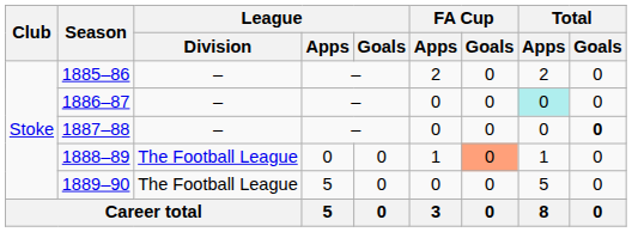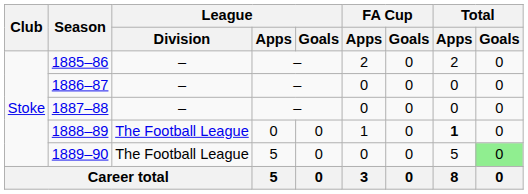 <table class="wikitable" style="text-align: center;">
 <tr>
 <th rowspan="2">Club</th>
 <th rowspan="2">Season</th>
 <th colspan="3">League</th>
 <th colspan="2">FA Cup</th>
 <th colspan="2">Total</th>
 </tr>
 <tr>
 <th>Division</th>
 <th>Apps</th>
 <th>Goals</th>
 <th>Apps</th>
 <th>Goals</th>
 <th>Apps</th>
 <th>Goals</th>
 </tr>
 <tr>
 <td rowspan="5"><a href='#'>Stoke</a></td>
 <td><a href='#'>1885–86</a></td>
 <td>–</td>
 <td colspan="2">–</td>
 <td>2</td>
 <td>0</td>
 <td>2</td>
 <td>0</td>
 </tr>
 <tr>
 <td><a href='#'>1886–87</a></td>
 <td>–</td>
 <td colspan="2">–</td>
 <td>0</td>
 <td>0</td>
-<td style="background: paleturquoise;">0</td>
+<td>0</td>
 <td>0</td>
 </tr>
 <tr>
 <td><a href='#'>1887–88</a></td>
 <td>–</td>
 <td colspan="2">–</td>
 <td>0</td>
 <td>0</td>
 <td>0</td>
-<td><strong>0</strong></td>
+<td>0</td>
 </tr>
 <tr>
 <td><a href='#'>1888–89</a></td>
 <td><a href='#'>The Football League</a></td>
 <td>0</td>
 <td>0</td>
 <td>1</td>
-<td style="background: lightsalmon;">0</td>
-<td>1</td>
+<td>0</td>
+<td><strong>1</strong></td>
 <td>0</td>
 </tr>
 <tr>
 <td><a href='#'>1889–90</a></td>
 <td>The Football League</td>
 <td>5</td>
 <td>0</td>
 <td>0</td>
 <td>0</td>
 <td>5</td>
-<td>0</td>
+<td style="background: lightgreen;">0</td>
 </tr>
 <tr>
 <th colspan=3>Career total</th>
 <th>5</th>
 <th>0</th>
 <th>3</th>
 <th>0</th>
 <th>8</th>
 <th>0</th>
 </tr>
 </table>
